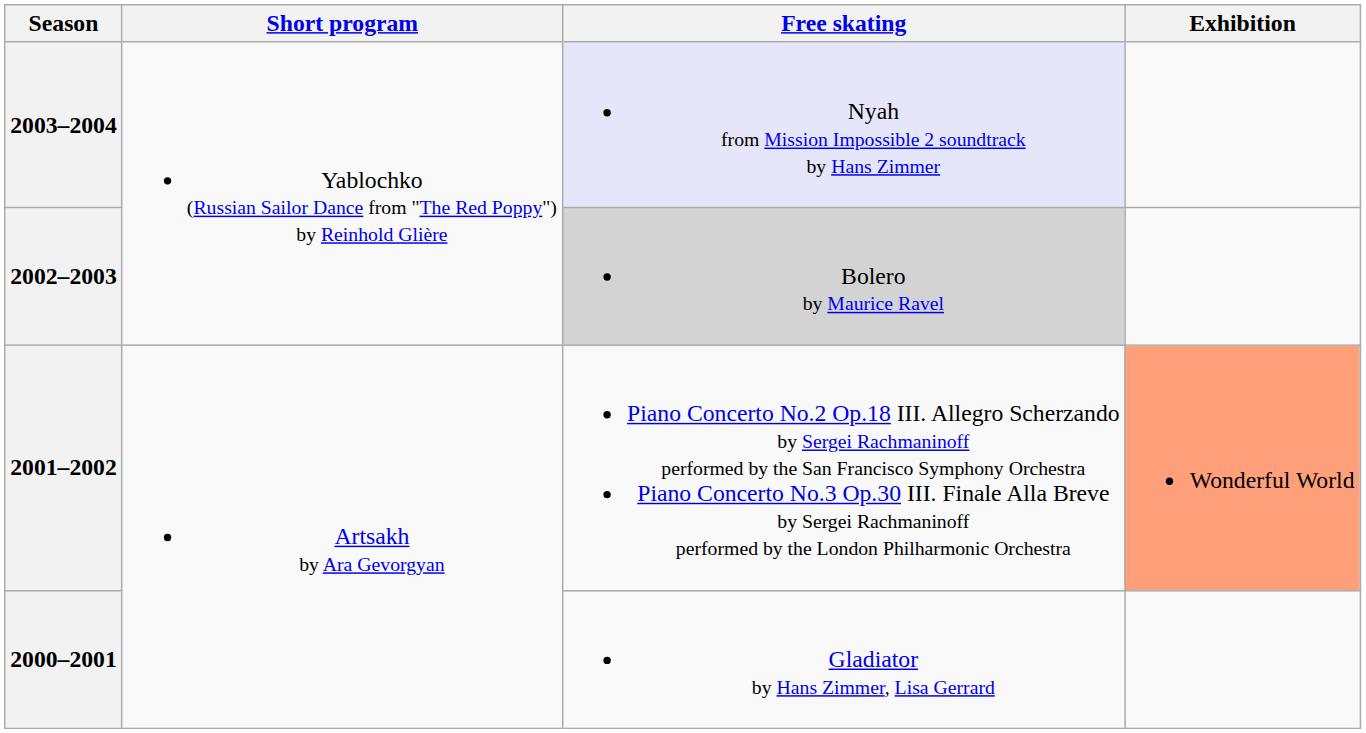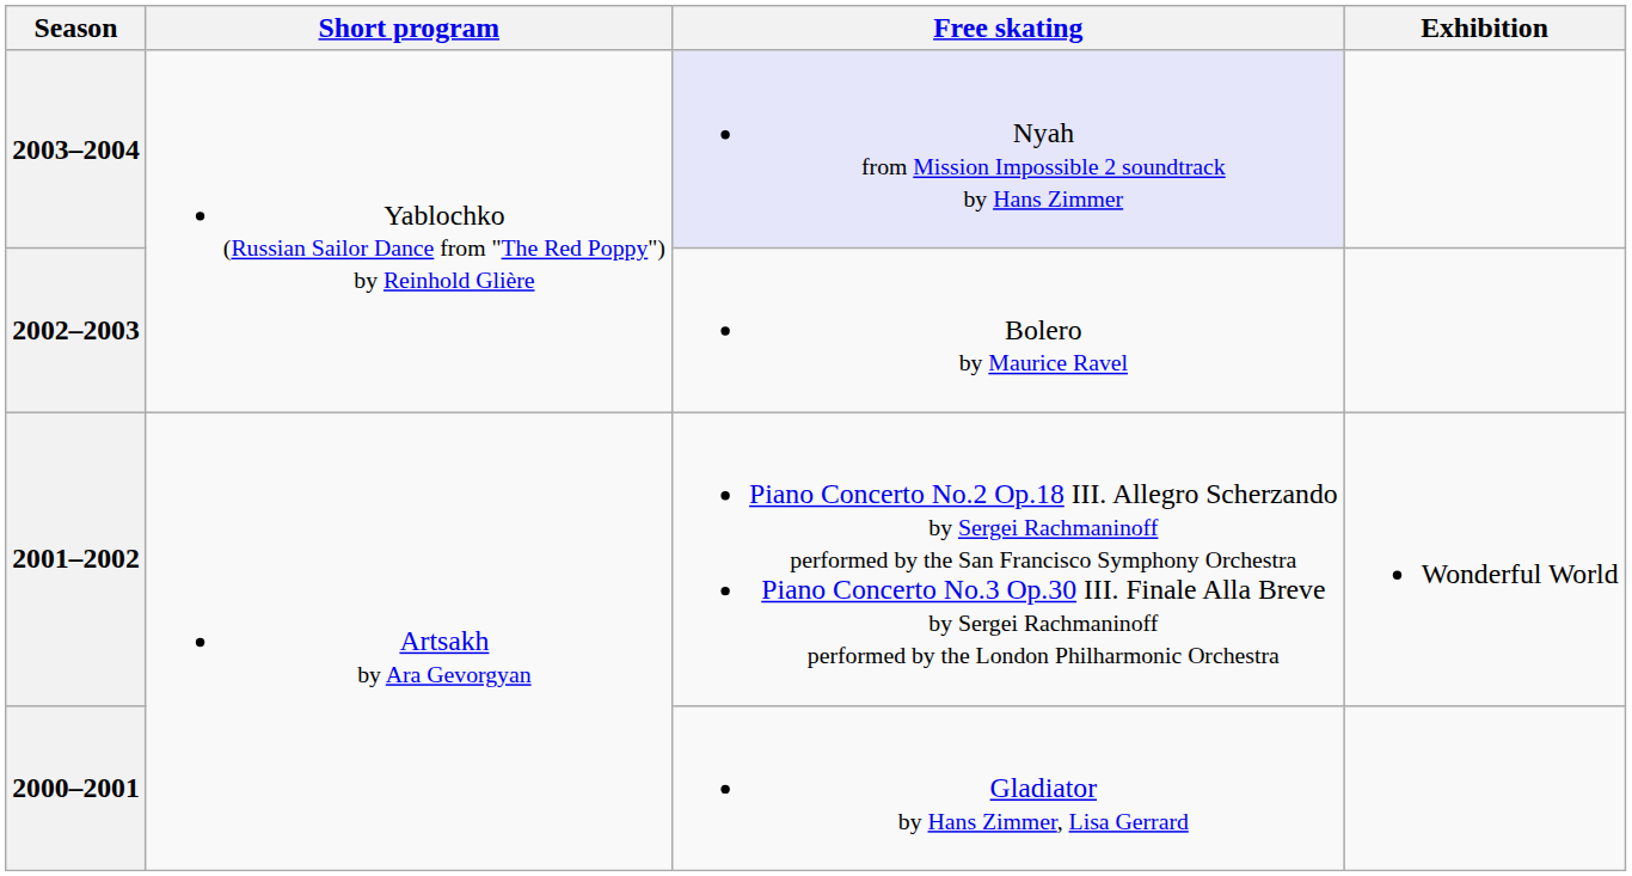 <table class="wikitable" style="text-align:center">
 <tr>
 <th>Season</th>
 <th><a href='#'>Short program</a></th>
 <th><a href='#'>Free skating</a></th>
 <th>Exhibition</th>
 </tr>
 <tr>
 <th>2003–2004 <br> </th>
 <td rowspan=2><br><ul><li>Yablochko <br><small> (<a href='#'>Russian Sailor Dance</a> from "<a href='#'>The Red Poppy</a>") <br> by <a href='#'>Reinhold Glière</a> </small></li></ul></td>
 <td style="background: lavender;"><br><ul><li>Nyah <br><small> from <a href='#'>Mission Impossible 2 soundtrack</a> <br> by <a href='#'>Hans Zimmer</a> </small></li></ul></td>
 <td></td>
 </tr>
 <tr>
 <th>2002–2003 <br> </th>
-<td style="background: lightgrey;"><br><ul><li>Bolero <br><small> by <a href='#'>Maurice Ravel</a> </small></li></ul></td>
+<td><br><ul><li>Bolero <br><small> by <a href='#'>Maurice Ravel</a> </small></li></ul></td>
 <td></td>
 </tr>
 <tr>
 <th>2001–2002 <br> </th>
 <td rowspan=2><br><ul><li><a href='#'>Artsakh</a> <br><small> by <a href='#'>Ara Gevorgyan</a> </small></li></ul></td>
 <td><br><ul><li><a href='#'>Piano Concerto No.2 Op.18</a> III. Allegro Scherzando <br><small> by <a href='#'>Sergei Rachmaninoff</a> <br> performed by the San Francisco Symphony Orchestra </small></li><li><a href='#'>Piano Concerto No.3 Op.30</a> III. Finale Alla Breve <br> <small> by Sergei Rachmaninoff <br> performed by the London Philharmonic Orchestra </small></li></ul></td>
-<td style="background: lightsalmon;"><br><ul><li>Wonderful World</li></ul></td>
+<td><br><ul><li>Wonderful World</li></ul></td>
 </tr>
 <tr>
 <th>2000–2001 <br> </th>
 <td><br><ul><li><a href='#'>Gladiator</a> <br><small> by <a href='#'>Hans Zimmer</a>, <a href='#'>Lisa Gerrard</a> </small></li></ul></td>
 <td></td>
 </tr>
 </table>
